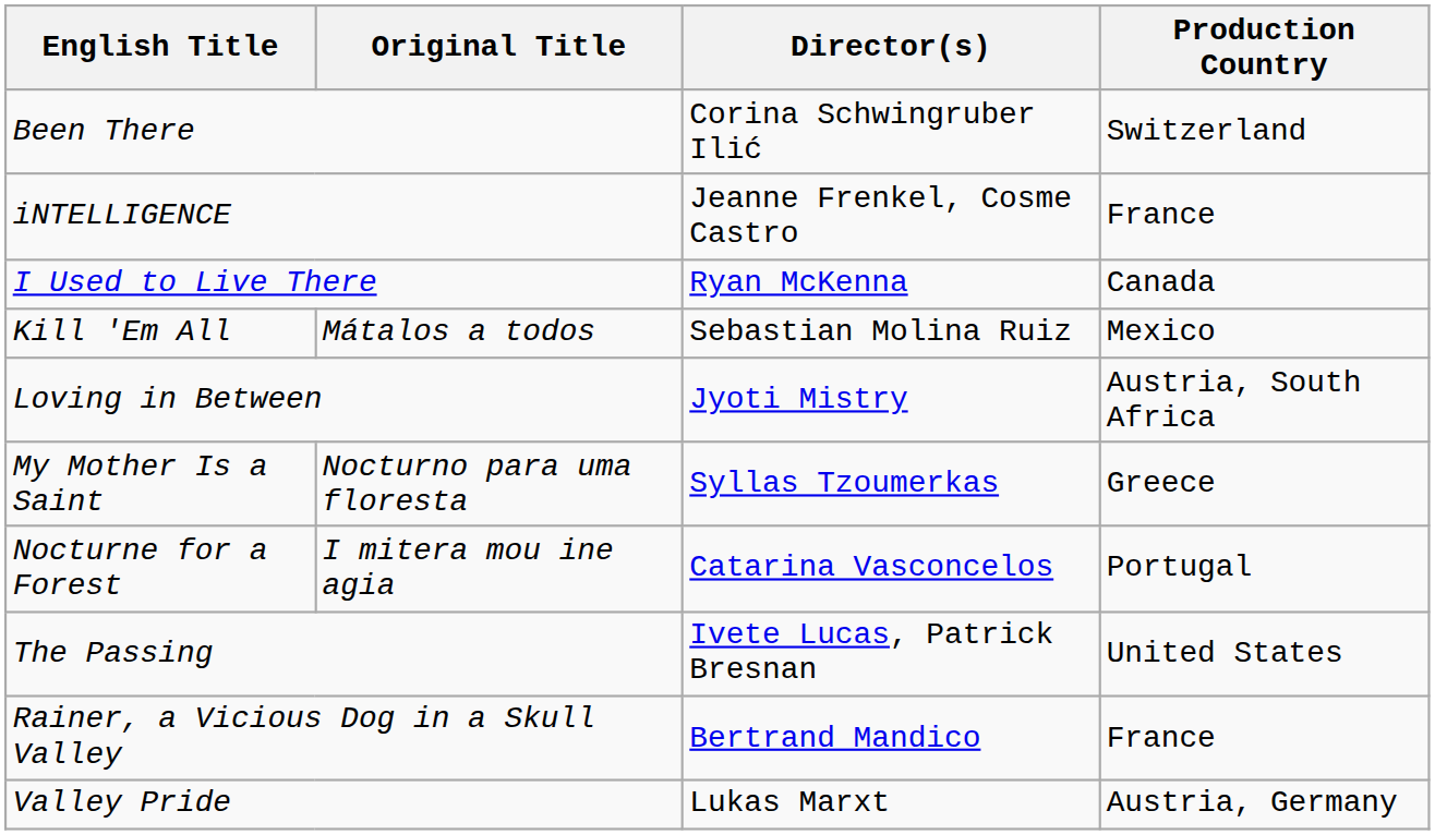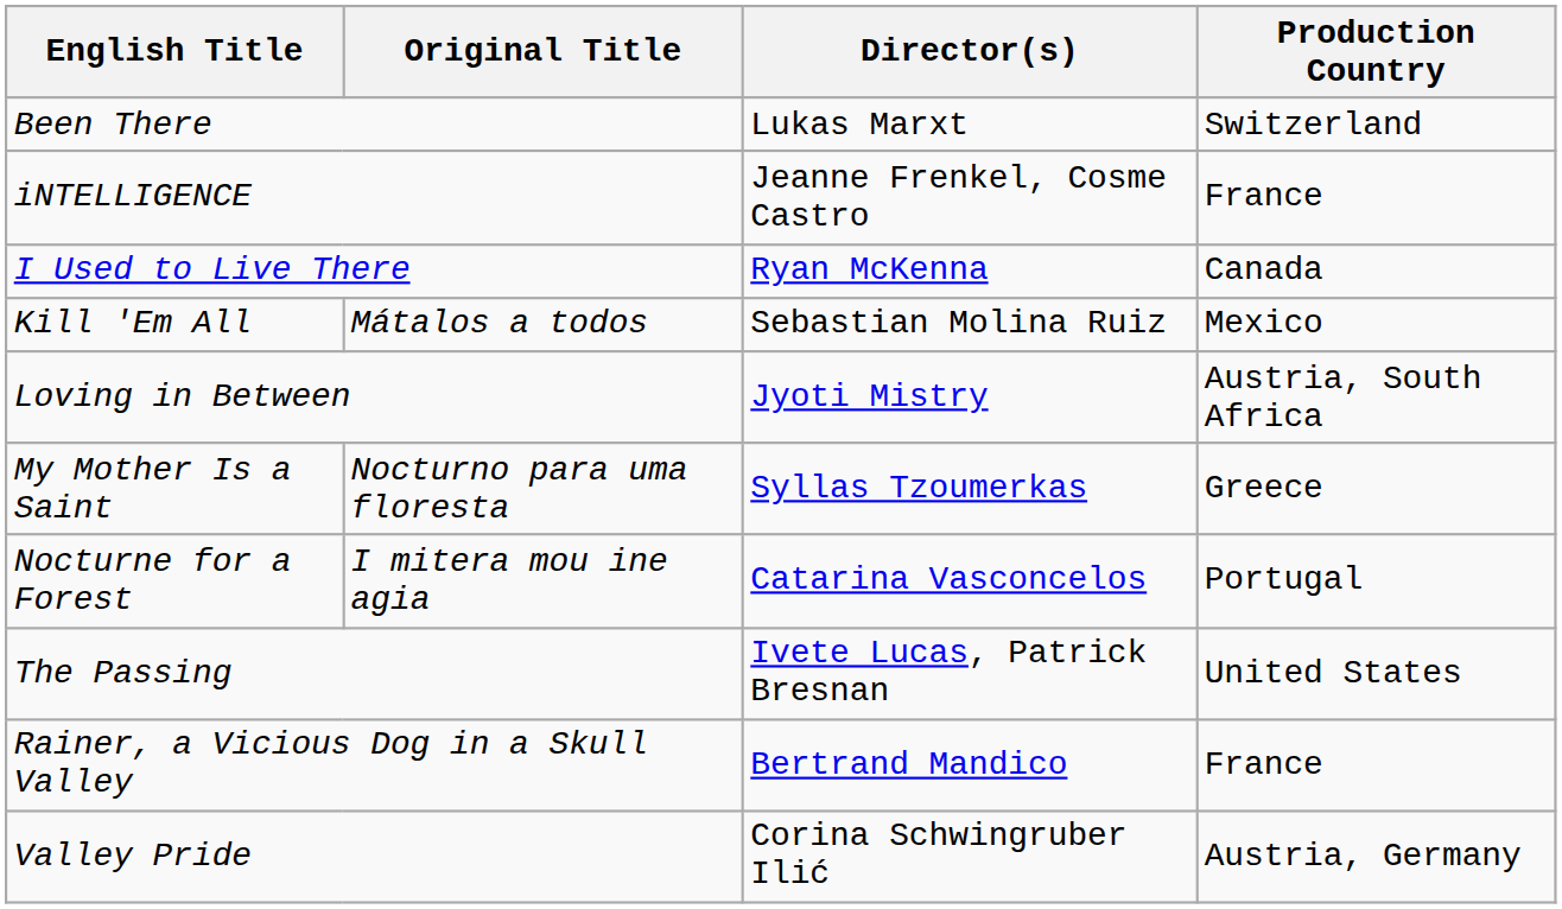 <table class="wikitable">
 <tr>
 <th>English Title</th>
 <th>Original Title</th>
 <th>Director(s)</th>
 <th>Production Country</th>
 </tr>
 <tr>
 <td colspan="2"><em>Been There</em></td>
-<td>Corina Schwingruber Ilić</td>
+<td>Lukas Marxt</td>
 <td>Switzerland</td>
 </tr>
 <tr>
 <td colspan="2"><em>iNTELLIGENCE</em></td>
 <td>Jeanne Frenkel, Cosme Castro</td>
 <td>France</td>
 </tr>
 <tr>
 <td colspan="2"><em><a href='#'>I Used to Live There</a></em></td>
 <td><a href='#'>Ryan McKenna</a></td>
 <td>Canada</td>
 </tr>
 <tr>
 <td><em>Kill 'Em All</em></td>
 <td><em>Mátalos a todos</em></td>
 <td>Sebastian Molina Ruiz</td>
 <td>Mexico</td>
 </tr>
 <tr>
 <td colspan="2"><em>Loving in Between</em></td>
 <td><a href='#'>Jyoti Mistry</a></td>
 <td>Austria, South Africa</td>
 </tr>
 <tr>
 <td><em>My Mother Is a Saint</em></td>
 <td><em>Nocturno para uma floresta</em></td>
 <td><a href='#'>Syllas Tzoumerkas</a></td>
 <td>Greece</td>
 </tr>
 <tr>
 <td><em>Nocturne for a Forest</em></td>
 <td><em>I mitera mou ine agia</em></td>
 <td><a href='#'>Catarina Vasconcelos</a></td>
 <td>Portugal</td>
 </tr>
 <tr>
 <td colspan="2"><em>The Passing</em></td>
 <td><a href='#'>Ivete Lucas</a>, Patrick Bresnan</td>
 <td>United States</td>
 </tr>
 <tr>
 <td colspan="2"><em>Rainer, a Vicious Dog in a Skull Valley</em></td>
 <td><a href='#'>Bertrand Mandico</a></td>
 <td>France</td>
 </tr>
 <tr>
 <td colspan="2"><em>Valley Pride</em></td>
-<td>Lukas Marxt</td>
+<td>Corina Schwingruber Ilić</td>
 <td>Austria, Germany</td>
 </tr>
 </table>
